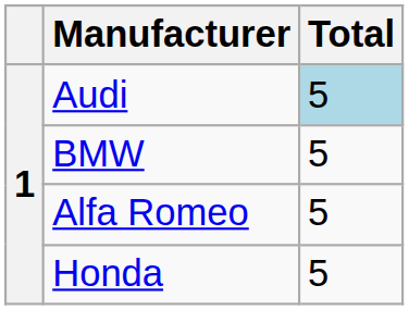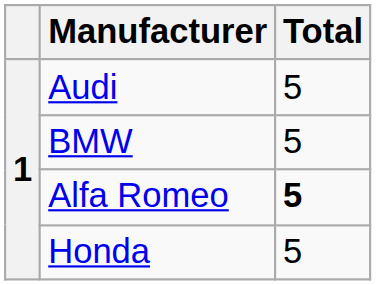 <table class="wikitable" style="font-size:100%;">
 <tr>
 <th></th>
 <th>Manufacturer</th>
 <th>Total</th>
 </tr>
 <tr>
 <th rowspan="4">1</th>
 <td> <a href='#'>Audi</a></td>
-<td style="background: lightblue;">5</td>
+<td>5</td>
 </tr>
 <tr>
 <td> <a href='#'>BMW</a></td>
 <td>5</td>
 </tr>
 <tr>
 <td> <a href='#'>Alfa Romeo</a></td>
-<td>5</td>
+<td><strong>5</strong></td>
 </tr>
 <tr>
 <td> <a href='#'>Honda</a></td>
 <td>5</td>
 </tr>
 </table>
